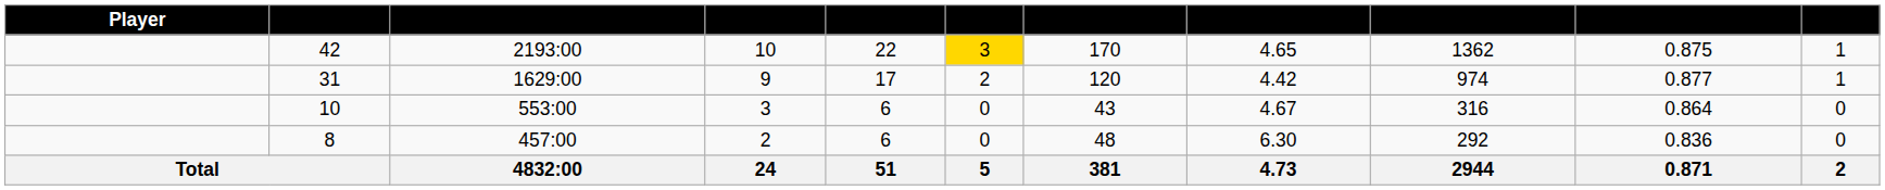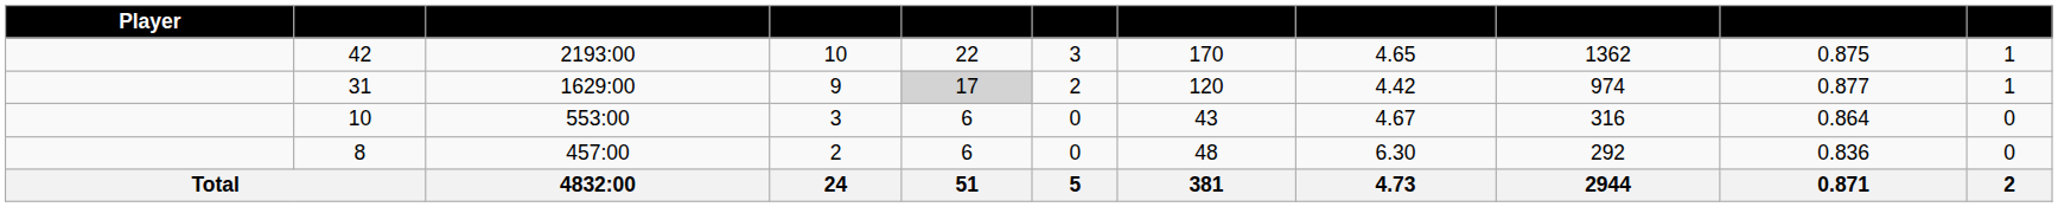 <table class="wikitable sortable" style="width:100%; text-align:center;">
 <tr>
 <th style="color:white; background:#000000; ">Player</th>
 <th style="color:white; background:#000000; "></th>
 <th style="color:white; background:#000000; "></th>
 <th style="color:white; background:#000000; "></th>
 <th style="color:white; background:#000000; "></th>
 <th style="color:white; background:#000000; "></th>
 <th style="color:white; background:#000000; "></th>
 <th style="color:white; background:#000000; "></th>
 <th style="color:white; background:#000000; "></th>
 <th style="color:white; background:#000000; "></th>
 <th style="color:white; background:#000000; "></th>
 </tr>
 <tr>
 <td></td>
 <td>42</td>
 <td>2193:00</td>
 <td>10</td>
 <td>22</td>
-<td style="background: gold;">3</td>
+<td>3</td>
 <td>170</td>
 <td>4.65</td>
 <td>1362</td>
 <td>0.875</td>
 <td>1</td>
 </tr>
 <tr>
 <td></td>
 <td>31</td>
 <td>1629:00</td>
 <td>9</td>
-<td>17</td>
+<td style="background: lightgrey;">17</td>
 <td>2</td>
 <td>120</td>
 <td>4.42</td>
 <td>974</td>
 <td>0.877</td>
 <td>1</td>
 </tr>
 <tr>
 <td></td>
 <td>10</td>
 <td>553:00</td>
 <td>3</td>
 <td>6</td>
 <td>0</td>
 <td>43</td>
 <td>4.67</td>
 <td>316</td>
 <td>0.864</td>
 <td>0</td>
 </tr>
 <tr>
 <td></td>
 <td>8</td>
 <td>457:00</td>
 <td>2</td>
 <td>6</td>
 <td>0</td>
 <td>48</td>
 <td>6.30</td>
 <td>292</td>
 <td>0.836</td>
 <td>0</td>
 </tr>
 <tr class="sortbottom">
 <th colspan=2>Total</th>
 <th>4832:00</th>
 <th>24</th>
 <th>51</th>
 <th>5</th>
 <th>381</th>
 <th>4.73</th>
 <th>2944</th>
 <th>0.871</th>
 <th>2</th>
 </tr>
 </table>
